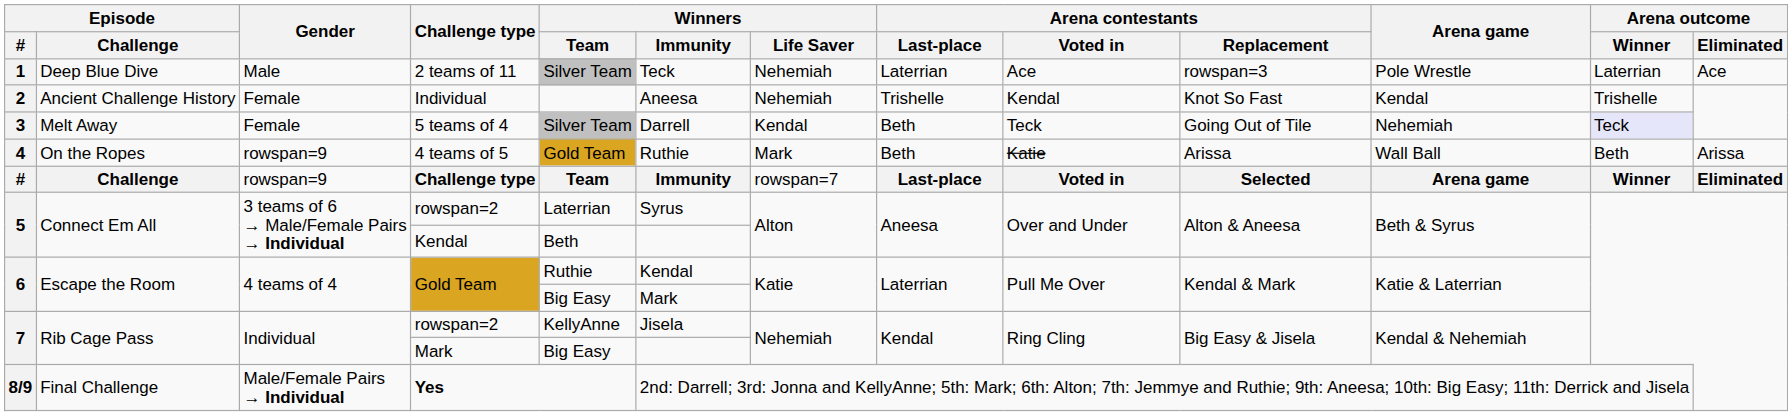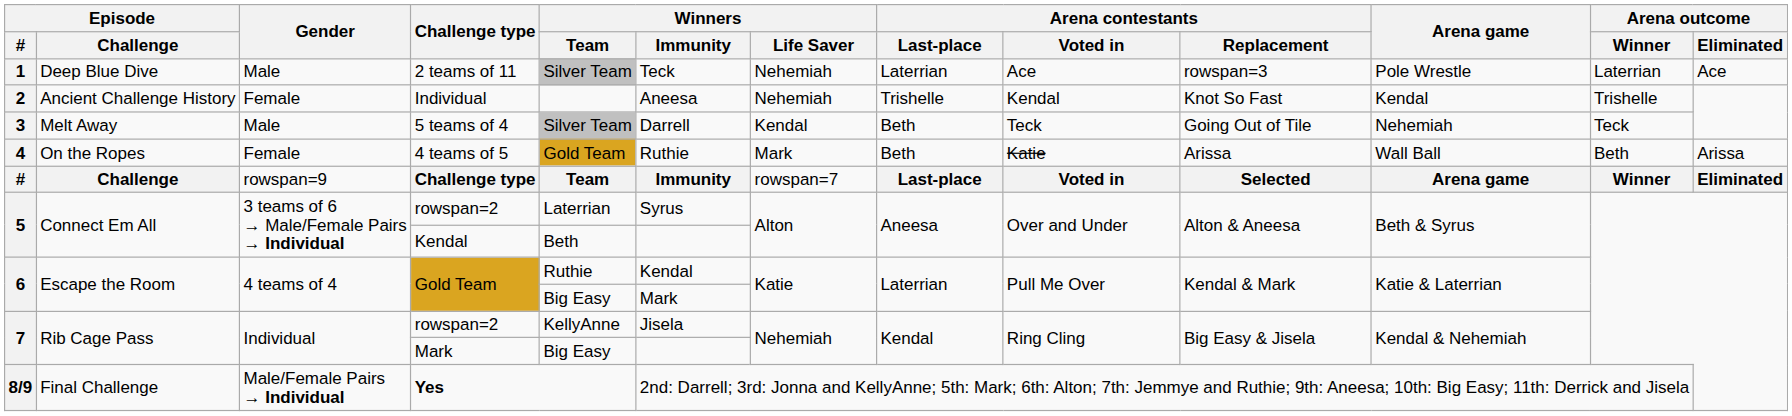 <table class="wikitable" style="font-size:90%; white-space:nowrap">
 <tr>
 <th colspan=2>Episode</th>
 <th rowspan=2>Gender</th>
 <th rowspan=2>Challenge type</th>
 <th colspan=3>Winners</th>
 <th colspan=3>Arena contestants</th>
 <th rowspan=2>Arena game</th>
 <th colspan=2>Arena outcome</th>
 </tr>
 <tr>
 <th>#</th>
 <th>Challenge</th>
 <th>Team</th>
 <th>Immunity</th>
 <th>Life Saver</th>
 <th>Last-place</th>
 <th>Voted in</th>
 <th>Replacement</th>
 <th>Winner</th>
 <th>Eliminated</th>
 </tr>
 <tr>
 <th>1</th>
 <td>Deep Blue Dive</td>
 <td>Male</td>
 <td>2 teams of 11</td>
 <td style="background:silver">Silver Team</td>
 <td>Teck</td>
 <td>Nehemiah</td>
 <td>Laterrian</td>
 <td>Ace</td>
 <td>rowspan=3 </td>
 <td>Pole Wrestle</td>
 <td>Laterrian</td>
 <td>Ace</td>
 </tr>
 <tr>
 <th>2</th>
 <td>Ancient Challenge History</td>
 <td>Female</td>
 <td>Individual</td>
 <td></td>
 <td>Aneesa</td>
 <td>Nehemiah</td>
 <td>Trishelle</td>
 <td>Kendal</td>
 <td>Knot So Fast</td>
 <td>Kendal</td>
 <td>Trishelle</td>
 </tr>
 <tr>
 <th>3</th>
 <td>Melt Away</td>
-<td>Female</td>
+<td>Male</td>
 <td>5 teams of 4</td>
 <td style="background:silver">Silver Team</td>
 <td>Darrell</td>
 <td>Kendal</td>
 <td>Beth</td>
 <td>Teck</td>
 <td>Going Out of Tile</td>
 <td>Nehemiah</td>
-<td style="background: lavender;">Teck</td>
+<td>Teck</td>
 </tr>
 <tr>
 <th>4</th>
 <td>On the Ropes</td>
-<td>rowspan=9 </td>
+<td>Female</td>
 <td>4 teams of 5</td>
 <td style="background:goldenrod">Gold Team</td>
 <td>Ruthie</td>
 <td>Mark</td>
 <td>Beth</td>
 <td><s>Katie</s></td>
 <td>Arissa</td>
 <td>Wall Ball</td>
 <td>Beth</td>
 <td>Arissa</td>
 </tr>
 <tr>
 <th>#</th>
 <th>Challenge</th>
 <td>rowspan=9 </td>
 <th>Challenge type</th>
 <th>Team</th>
 <th>Immunity</th>
 <td>rowspan=7 </td>
 <th>Last-place</th>
 <th>Voted in</th>
 <th>Selected</th>
 <th>Arena game</th>
 <th>Winner</th>
 <th>Eliminated</th>
 </tr>
 <tr>
 <th rowspan=2>5</th>
 <td rowspan=2>Connect Em All</td>
 <td rowspan=2>3 teams of 6 <br>→ Male/Female Pairs <br>→ <strong>Individual</strong></td>
 <td>rowspan=2 </td>
 <td>Laterrian</td>
 <td>Syrus</td>
 <td rowspan=2>Alton</td>
 <td rowspan=2>Aneesa</td>
 <td rowspan=2>Over and Under</td>
 <td rowspan=2>Alton & Aneesa</td>
 <td rowspan=2>Beth & Syrus</td>
 </tr>
 <tr>
 <td>Kendal</td>
 <td>Beth</td>
 </tr>
 <tr>
 <th rowspan=2>6</th>
 <td rowspan=2>Escape the Room</td>
 <td rowspan=2>4 teams of 4</td>
 <td style="background:goldenrod" rowspan=2>Gold Team</td>
 <td>Ruthie</td>
 <td>Kendal</td>
 <td rowspan=2>Katie</td>
 <td rowspan=2>Laterrian</td>
 <td rowspan=2>Pull Me Over</td>
 <td rowspan=2>Kendal & Mark</td>
 <td rowspan=2>Katie & Laterrian</td>
 </tr>
 <tr>
 <td>Big Easy</td>
 <td>Mark</td>
 </tr>
 <tr>
 <th rowspan=2>7</th>
 <td rowspan=2>Rib Cage Pass</td>
 <td rowspan=2>Individual</td>
 <td>rowspan=2 </td>
 <td>KellyAnne</td>
 <td>Jisela</td>
 <td rowspan=2>Nehemiah</td>
 <td rowspan=2>Kendal</td>
 <td rowspan=2>Ring Cling</td>
 <td rowspan=2>Big Easy & Jisela</td>
 <td rowspan=2>Kendal & Nehemiah</td>
 </tr>
 <tr>
 <td>Mark</td>
 <td>Big Easy</td>
 </tr>
 <tr>
 <th>8/9</th>
 <td>Final Challenge</td>
 <td>Male/Female Pairs <br>→ <strong>Individual</strong></td>
 <td colspan=2><strong>Yes</strong></td>
 <td colspan=7>2nd: Darrell; 3rd: Jonna and KellyAnne; 5th: Mark; 6th: Alton; 7th: Jemmye and Ruthie; 9th: Aneesa; 10th: Big Easy; 11th: Derrick and Jisela</td>
 </tr>
 </table>
